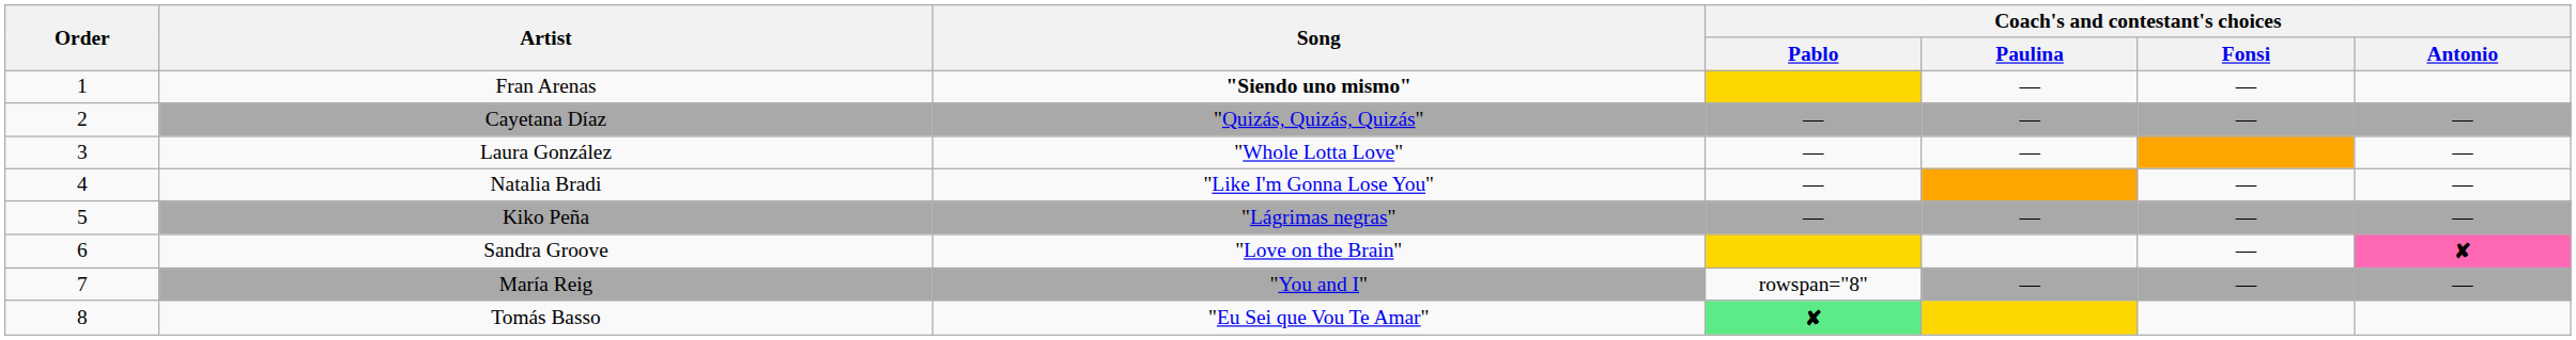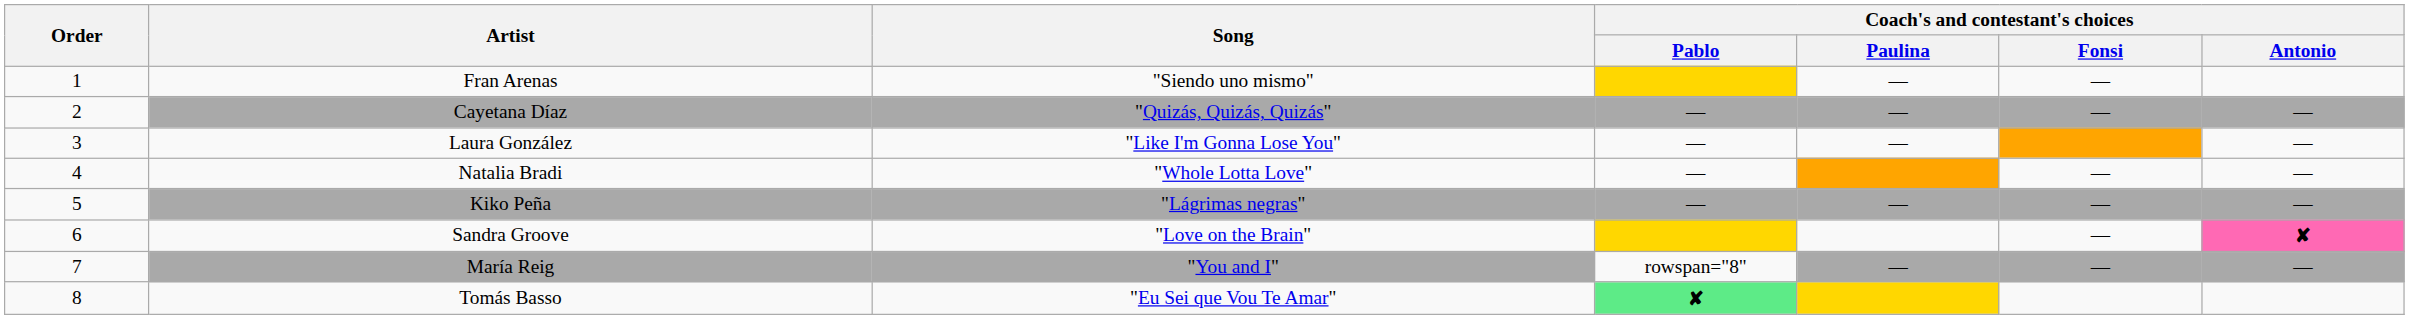 <table class="wikitable" style="text-align:center; width:100%;">
 <tr>
 <th rowspan="2" scope="col" style="width:05%;">Order</th>
 <th rowspan="2" scope="col" style="width:25%;">Artist</th>
 <th rowspan="2" scope="col" style="width:25%;">Song</th>
 <th colspan="4" scope="col" style="width:32%;">Coach's and contestant's choices</th>
 </tr>
 <tr>
 <th width="07%"><a href='#'>Pablo</a></th>
 <th width="07%"><a href='#'>Paulina</a></th>
 <th width="07%"><a href='#'>Fonsi</a></th>
 <th width="07%"><a href='#'>Antonio</a></th>
 </tr>
 <tr>
 <td align="center">1</td>
 <td>Fran Arenas</td>
-<td><strong>"Siendo uno mismo"</strong></td>
+<td>"Siendo uno mismo"</td>
 <td align="center" bgcolor="Gold"><strong></strong></td>
 <td align="center">—</td>
 <td align="center">—</td>
 <td align="center"><strong></strong></td>
 </tr>
 <tr>
 <td align="center">2</td>
 <td bgcolor="darkgrey">Cayetana Díaz</td>
 <td bgcolor="darkgrey">"<a href='#'>Quizás, Quizás, Quizás</a>"</td>
 <td align="center" bgcolor="darkgrey">—</td>
 <td align="center" bgcolor="darkgrey">—</td>
 <td align="center" bgcolor="darkgrey">—</td>
 <td align="center" bgcolor="darkgrey">—</td>
 </tr>
 <tr>
 <td align="center">3</td>
 <td>Laura González</td>
-<td>"<a href='#'>Whole Lotta Love</a>"</td>
+<td>"<a href='#'>Like I'm Gonna Lose You</a>"</td>
 <td align="center">—</td>
 <td align="center">—</td>
 <td align="center" bgcolor="Orange"><strong></strong></td>
 <td align="center">—</td>
 </tr>
 <tr>
 <td align="center">4</td>
 <td>Natalia Bradi</td>
-<td>"<a href='#'>Like I'm Gonna Lose You</a>"</td>
+<td>"<a href='#'>Whole Lotta Love</a>"</td>
 <td align="center">—</td>
 <td align="center" bgcolor="Orange"><strong></strong></td>
 <td align="center">—</td>
 <td align="center">—</td>
 </tr>
 <tr>
 <td align="center">5</td>
 <td bgcolor="darkgrey">Kiko Peña</td>
 <td bgcolor="darkgrey">"<a href='#'>Lágrimas negras</a>"</td>
 <td align="center" bgcolor="darkgrey">—</td>
 <td align="center" bgcolor="darkgrey">—</td>
 <td align="center" bgcolor="darkgrey">—</td>
 <td align="center" bgcolor="darkgrey">—</td>
 </tr>
 <tr>
 <td align="center">6</td>
 <td>Sandra Groove</td>
 <td>"<a href='#'>Love on the Brain</a>"</td>
 <td align="center" bgcolor="Gold"><strong></strong></td>
 <td align="center"><strong></strong></td>
 <td align="center">—</td>
 <td align="center" bgcolor="#ff69b4"><strong>✘</strong></td>
 </tr>
 <tr>
 <td align="center">7</td>
 <td bgcolor="darkgrey">María Reig</td>
 <td bgcolor="darkgrey">"<a href='#'>You and I</a>"</td>
 <td>rowspan="8" </td>
 <td align="center" bgcolor="darkgrey">—</td>
 <td align="center" bgcolor="darkgrey">—</td>
 <td align="center" bgcolor="darkgrey">—</td>
 </tr>
 <tr>
 <td align="center">8</td>
 <td>Tomás Basso</td>
 <td>"<a href='#'>Eu Sei que Vou Te Amar</a>"</td>
 <td align="center" bgcolor="#5deb87"><strong>✘</strong></td>
 <td align="center" bgcolor="Gold"><strong></strong></td>
 <td align="center"><strong></strong></td>
 </tr>
 </table>
